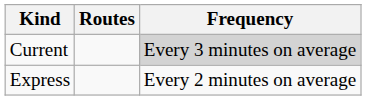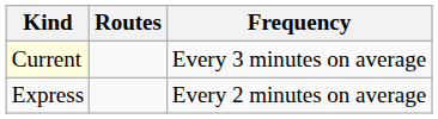 <table class="wikitable" style="margin-left: auto; margin-right: auto; border: none;">
 <tr>
 <th>Kind</th>
 <th>Routes</th>
 <th>Frequency</th>
 </tr>
 <tr>
-<td>Current</td>
+<td style="background: lightyellow;">Current</td>
 <td>  </td>
-<td style="background: lightgrey;">Every 3 minutes on average</td>
+<td>Every 3 minutes on average</td>
 </tr>
 <tr>
 <td>Express</td>
 <td> </td>
 <td>Every 2 minutes on average</td>
 </tr>
 </table>
